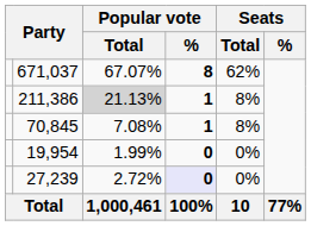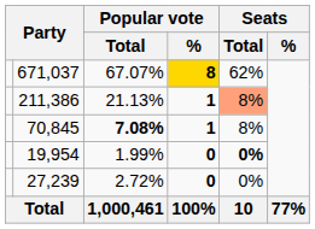 <table class=wikitable style="text-align:right;">
 <tr>
 <th rowspan=2 colspan=2>Party</th>
 <th colspan=2>Popular vote</th>
 <th colspan=2>Seats</th>
 </tr>
 <tr>
 <th>Total</th>
 <th>%</th>
 <th>Total</th>
 <th>%</th>
 </tr>
 <tr>
 <td></td>
 <td>671,037</td>
 <td>67.07%</td>
-<td><strong>8</strong></td>
+<td style="background: gold;"><strong>8</strong></td>
 <td>62%</td>
 </tr>
 <tr>
 <td></td>
 <td>211,386</td>
-<td style="background: lightgrey;">21.13%</td>
+<td>21.13%</td>
 <td><strong>1</strong></td>
-<td>8%</td>
+<td style="background: lightsalmon;">8%</td>
 </tr>
 <tr>
 <td></td>
 <td>70,845</td>
-<td>7.08%</td>
+<td><strong>7.08%</strong></td>
 <td><strong>1</strong></td>
 <td>8%</td>
 </tr>
 <tr>
 <td></td>
 <td>19,954</td>
 <td>1.99%</td>
 <td><strong>0</strong></td>
-<td>0%</td>
+<td><strong>0%</strong></td>
 </tr>
 <tr>
 <td></td>
 <td>27,239</td>
 <td>2.72%</td>
-<td style="background: lavender;"><strong>0</strong></td>
+<td><strong>0</strong></td>
 <td>0%</td>
 </tr>
 <tr>
 <th colspan=2>Total</th>
 <th>1,000,461</th>
 <th>100%</th>
 <th>10</th>
 <th>77%</th>
 </tr>
 </table>
